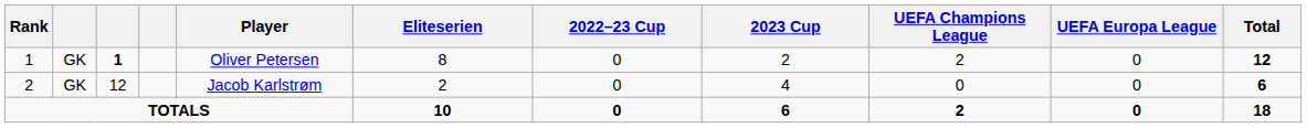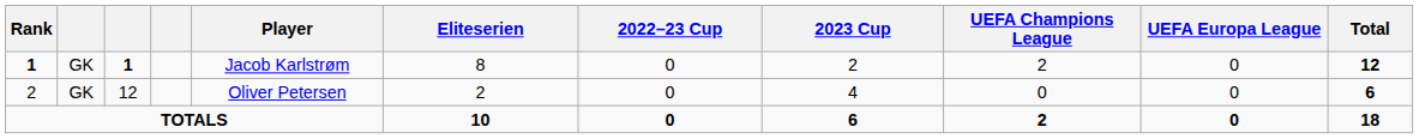 <table class="wikitable" style="font-size: 95%; text-align: center;">
 <tr>
 <th width=40>Rank</th>
 <th width=40></th>
 <th width=40></th>
 <th width=40></th>
 <th width=200>Player</th>
 <th width=200><a href='#'>Eliteserien</a></th>
 <th width=200><a href='#'>2022–23 Cup</a></th>
 <th width=200><a href='#'>2023 Cup</a></th>
 <th width=200><a href='#'>UEFA Champions League</a></th>
 <th width=200><a href='#'>UEFA Europa League</a></th>
 <th width=80><strong>Total</strong></th>
 </tr>
 <tr>
-<td>1</td>
+<td><strong>1</strong></td>
 <td>GK</td>
 <td><strong>1</strong></td>
 <td></td>
-<td><a href='#'>Oliver Petersen</a></td>
+<td><a href='#'>Jacob Karlstrøm</a></td>
 <td>8</td>
 <td>0</td>
 <td>2</td>
 <td>2</td>
 <td>0</td>
 <td><strong>12</strong></td>
 </tr>
 <tr>
 <td>2</td>
 <td>GK</td>
 <td>12</td>
 <td></td>
-<td><a href='#'>Jacob Karlstrøm</a></td>
+<td><a href='#'>Oliver Petersen</a></td>
 <td>2</td>
 <td>0</td>
 <td>4</td>
 <td>0</td>
 <td>0</td>
 <td><strong>6</strong></td>
 </tr>
 <tr>
 <td colspan="5"><strong>TOTALS</strong></td>
 <td><strong>10</strong></td>
 <td><strong>0</strong></td>
 <td><strong>6</strong></td>
 <td><strong>2</strong></td>
 <td><strong>0</strong></td>
 <td><strong>18</strong></td>
 </tr>
 </table>
